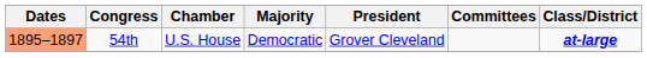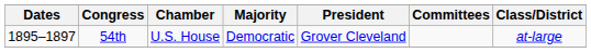 <table class="wikitable" style="text-align: center;">
 <tr>
 </tr>
 <tr>
 <th>Dates</th>
 <th>Congress</th>
 <th>Chamber</th>
 <th>Majority</th>
 <th>President</th>
 <th>Committees</th>
 <th>Class/District</th>
 </tr>
 <tr>
-<td style="background: lightsalmon;">1895–1897</td>
+<td>1895–1897</td>
 <td><a href='#'>54th</a></td>
 <td><a href='#'>U.S. House</a></td>
 <td><a href='#'>Democratic</a></td>
 <td><a href='#'>Grover Cleveland</a></td>
 <td></td>
-<td><strong><a href='#'><em>at-large</em></a></strong></td>
+<td><a href='#'><em>at-large</em></a></td>
 </tr>
 <tr>
 </tr>
 </table>
